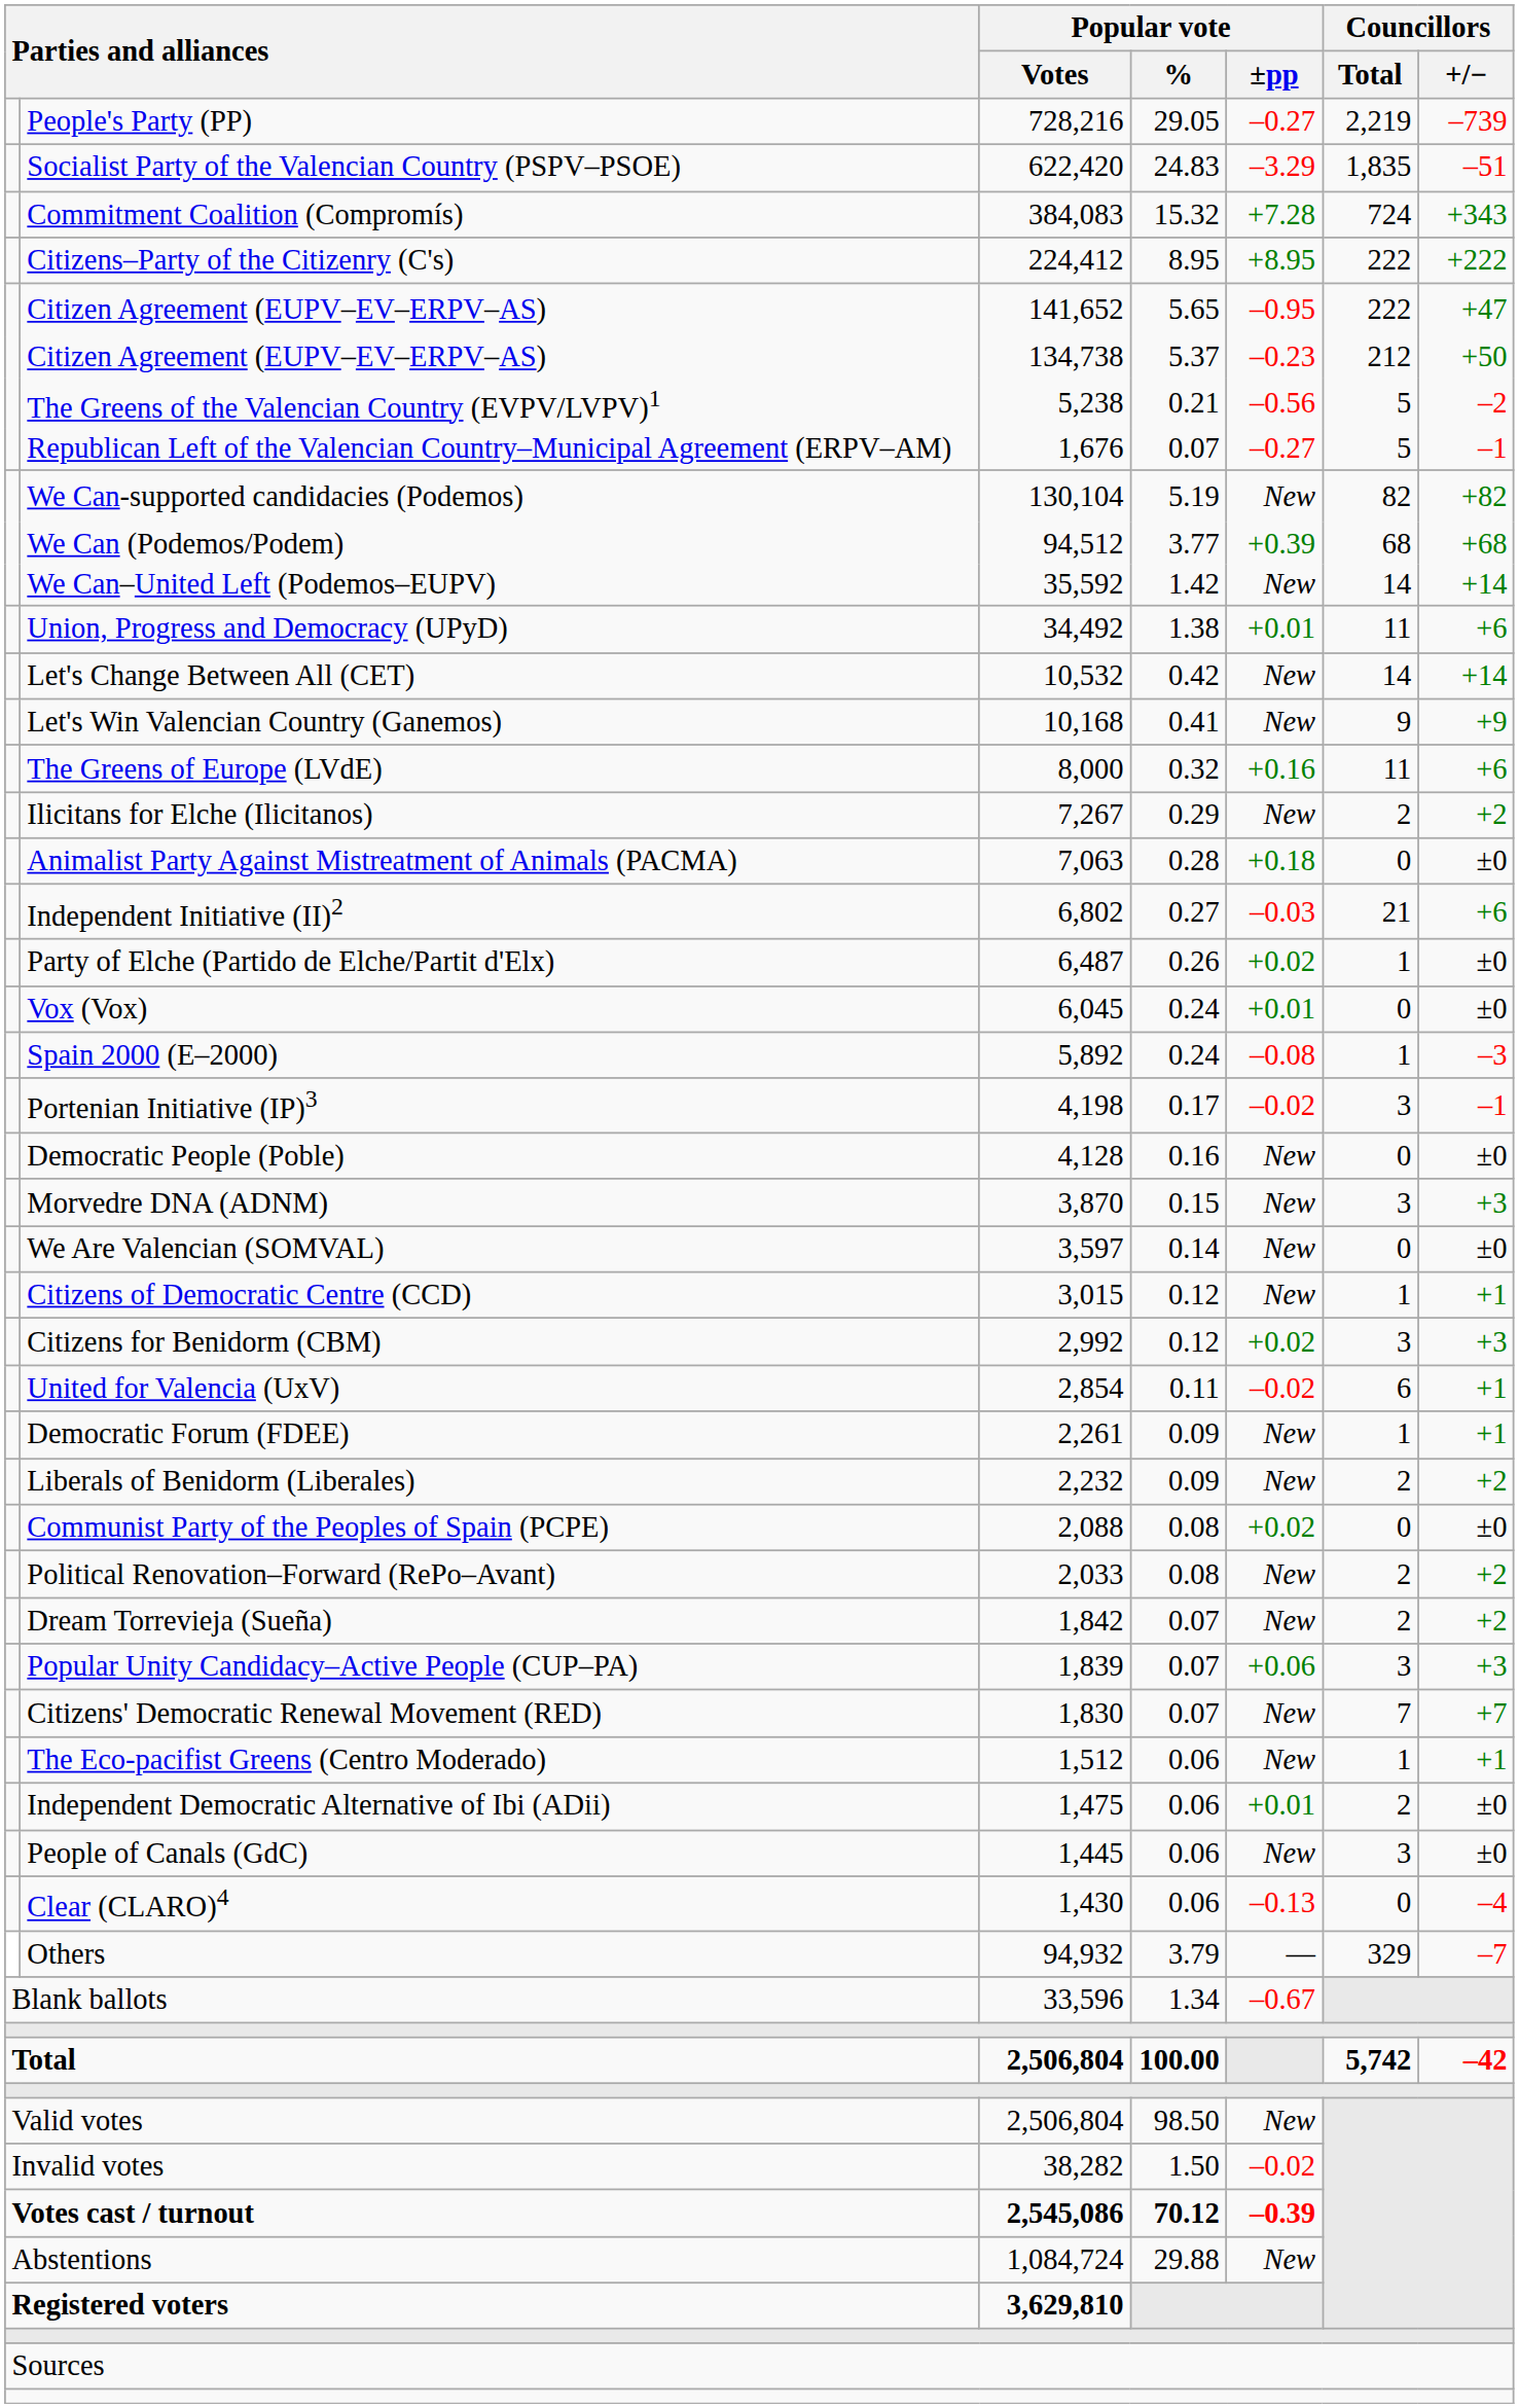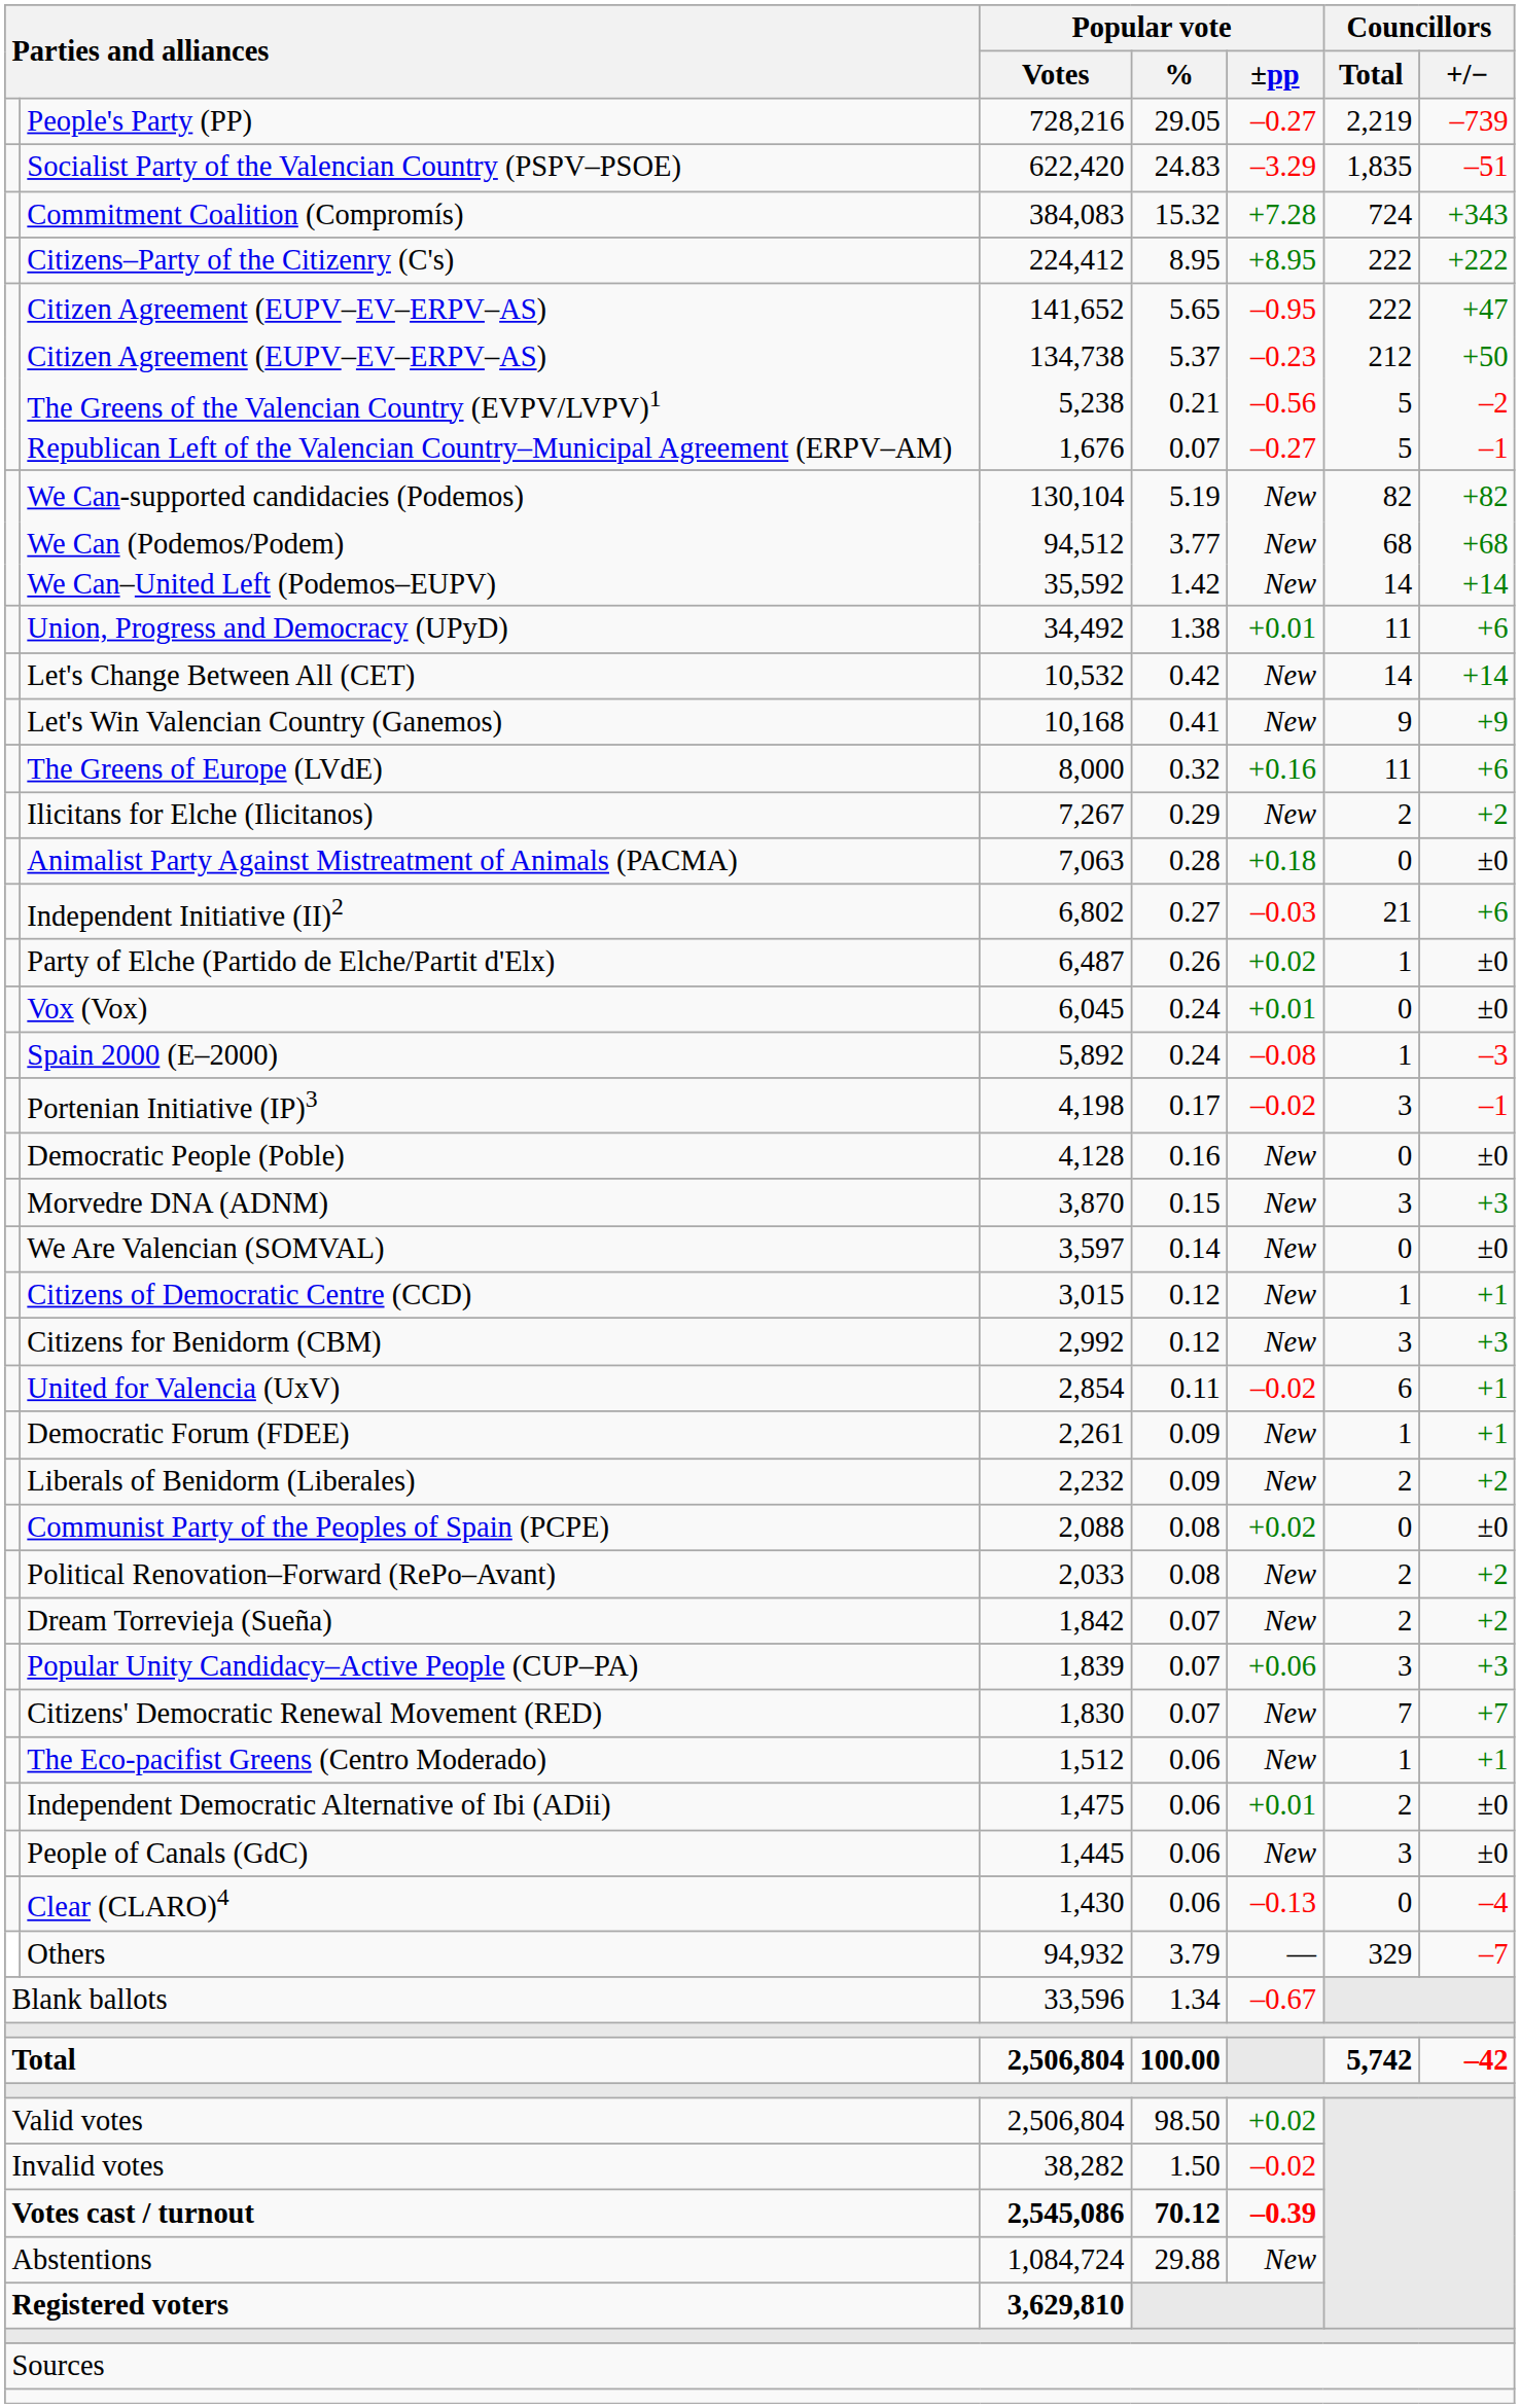 <table class="wikitable" style="text-align:right;">
 <tr>
 <th style="text-align:left;" rowspan="2" colspan="2" width="525">Parties and alliances</th>
 <th colspan="3">Popular vote</th>
 <th colspan="2">Councillors</th>
 </tr>
 <tr>
 <th width="75">Votes</th>
 <th width="45">%</th>
 <th width="45">±<a href='#'>pp</a></th>
 <th width="45">Total</th>
 <th width="45">+/−</th>
 </tr>
 <tr>
 <td width="1" style="color:inherit;background:"></td>
 <td align="left"><a href='#'>People's Party</a> (PP)</td>
 <td>728,216</td>
 <td>29.05</td>
 <td style="color:red;">–0.27</td>
 <td>2,219</td>
 <td style="color:red;">–739</td>
 </tr>
 <tr>
 <td style="color:inherit;background:"></td>
 <td align="left"><a href='#'>Socialist Party of the Valencian Country</a> (PSPV–PSOE)</td>
 <td>622,420</td>
 <td>24.83</td>
 <td style="color:red;">–3.29</td>
 <td>1,835</td>
 <td style="color:red;">–51</td>
 </tr>
 <tr>
 <td style="color:inherit;background:"></td>
 <td align="left"><a href='#'>Commitment Coalition</a> (Compromís)</td>
 <td>384,083</td>
 <td>15.32</td>
 <td style="color:green;">+7.28</td>
 <td>724</td>
 <td style="color:green;">+343</td>
 </tr>
 <tr>
 <td style="color:inherit;background:"></td>
 <td align="left"><a href='#'>Citizens–Party of the Citizenry</a> (C's)</td>
 <td>224,412</td>
 <td>8.95</td>
 <td style="color:green;">+8.95</td>
 <td>222</td>
 <td style="color:green;">+222</td>
 </tr>
 <tr style="line-height:22px;">
 <td rowspan="4" style="color:inherit;background:"></td>
 <td align="left"><a href='#'>Citizen Agreement</a> (<a href='#'>EUPV</a>–<a href='#'>EV</a>–<a href='#'>ERPV</a>–<a href='#'>AS</a>)</td>
 <td>141,652</td>
 <td>5.65</td>
 <td style="color:red;">–0.95</td>
 <td>222</td>
 <td style="color:green;">+47</td>
 </tr>
 <tr style="border-bottom-style:hidden; border-top-style:hidden; line-height:16px;">
 <td align="left"><span><a href='#'>Citizen Agreement</a> (<a href='#'>EUPV</a>–<a href='#'>EV</a>–<a href='#'>ERPV</a>–<a href='#'>AS</a>)</span></td>
 <td>134,738</td>
 <td>5.37</td>
 <td style="color:red;">–0.23</td>
 <td>212</td>
 <td style="color:green;">+50</td>
 </tr>
 <tr style="border-bottom-style:hidden; line-height:16px;">
 <td align="left"><span><a href='#'>The Greens of the Valencian Country</a> (EVPV/LVPV)<sup>1</sup></span></td>
 <td>5,238</td>
 <td>0.21</td>
 <td style="color:red;">–0.56</td>
 <td>5</td>
 <td style="color:red;">–2</td>
 </tr>
 <tr style="line-height:16px;">
 <td align="left"><span><a href='#'>Republican Left of the Valencian Country–Municipal Agreement</a> (ERPV–AM)</span></td>
 <td>1,676</td>
 <td>0.07</td>
 <td style="color:red;">–0.27</td>
 <td>5</td>
 <td style="color:red;">–1</td>
 </tr>
 <tr style="line-height:22px;">
 <td rowspan="3" style="color:inherit;background:"></td>
 <td align="left"><a href='#'>We Can</a>-supported candidacies (Podemos)</td>
 <td>130,104</td>
 <td>5.19</td>
 <td><em>New</em></td>
 <td>82</td>
 <td style="color:green;">+82</td>
 </tr>
 <tr style="border-bottom-style:hidden; border-top-style:hidden; line-height:16px;">
 <td align="left"><span><a href='#'>We Can</a> (Podemos/Podem)</span></td>
 <td>94,512</td>
 <td>3.77</td>
-<td style="color:green;">+0.39</td>
+<td><em>New</em></td>
 <td>68</td>
 <td style="color:green;">+68</td>
 </tr>
 <tr style="line-height:16px;">
 <td align="left"><span><a href='#'>We Can</a>–<a href='#'>United Left</a> (Podemos–EUPV)</span></td>
 <td>35,592</td>
 <td>1.42</td>
 <td><em>New</em></td>
 <td>14</td>
 <td style="color:green;">+14</td>
 </tr>
 <tr>
 <td style="color:inherit;background:"></td>
 <td align="left"><a href='#'>Union, Progress and Democracy</a> (UPyD)</td>
 <td>34,492</td>
 <td>1.38</td>
 <td style="color:green;">+0.01</td>
 <td>11</td>
 <td style="color:green;">+6</td>
 </tr>
 <tr>
 <td style="color:inherit;background:"></td>
 <td align="left">Let's Change Between All (CET)</td>
 <td>10,532</td>
 <td>0.42</td>
 <td><em>New</em></td>
 <td>14</td>
 <td style="color:green;">+14</td>
 </tr>
 <tr>
 <td style="color:inherit;background:"></td>
 <td align="left">Let's Win Valencian Country (Ganemos)</td>
 <td>10,168</td>
 <td>0.41</td>
 <td><em>New</em></td>
 <td>9</td>
 <td style="color:green;">+9</td>
 </tr>
 <tr>
 <td style="color:inherit;background:"></td>
 <td align="left"><a href='#'>The Greens of Europe</a> (LVdE)</td>
 <td>8,000</td>
 <td>0.32</td>
 <td style="color:green;">+0.16</td>
 <td>11</td>
 <td style="color:green;">+6</td>
 </tr>
 <tr>
 <td style="color:inherit;background:"></td>
 <td align="left">Ilicitans for Elche (Ilicitanos)</td>
 <td>7,267</td>
 <td>0.29</td>
 <td><em>New</em></td>
 <td>2</td>
 <td style="color:green;">+2</td>
 </tr>
 <tr>
 <td style="color:inherit;background:"></td>
 <td align="left"><a href='#'>Animalist Party Against Mistreatment of Animals</a> (PACMA)</td>
 <td>7,063</td>
 <td>0.28</td>
 <td style="color:green;">+0.18</td>
 <td>0</td>
 <td>±0</td>
 </tr>
 <tr>
 <td style="color:inherit;background:"></td>
 <td align="left">Independent Initiative (II)<sup>2</sup></td>
 <td>6,802</td>
 <td>0.27</td>
 <td style="color:red;">–0.03</td>
 <td>21</td>
 <td style="color:green;">+6</td>
 </tr>
 <tr>
 <td style="color:inherit;background:"></td>
 <td align="left">Party of Elche (Partido de Elche/Partit d'Elx)</td>
 <td>6,487</td>
 <td>0.26</td>
 <td style="color:green;">+0.02</td>
 <td>1</td>
 <td>±0</td>
 </tr>
 <tr>
 <td style="color:inherit;background:"></td>
 <td align="left"><a href='#'>Vox</a> (Vox)</td>
 <td>6,045</td>
 <td>0.24</td>
 <td style="color:green;">+0.01</td>
 <td>0</td>
 <td>±0</td>
 </tr>
 <tr>
 <td style="color:inherit;background:"></td>
 <td align="left"><a href='#'>Spain 2000</a> (E–2000)</td>
 <td>5,892</td>
 <td>0.24</td>
 <td style="color:red;">–0.08</td>
 <td>1</td>
 <td style="color:red;">–3</td>
 </tr>
 <tr>
 <td style="color:inherit;background:"></td>
 <td align="left">Portenian Initiative (IP)<sup>3</sup></td>
 <td>4,198</td>
 <td>0.17</td>
 <td style="color:red;">–0.02</td>
 <td>3</td>
 <td style="color:red;">–1</td>
 </tr>
 <tr>
 <td style="color:inherit;background:"></td>
 <td align="left">Democratic People (Poble)</td>
 <td>4,128</td>
 <td>0.16</td>
 <td><em>New</em></td>
 <td>0</td>
 <td>±0</td>
 </tr>
 <tr>
 <td style="color:inherit;background:"></td>
 <td align="left">Morvedre DNA (ADNM)</td>
 <td>3,870</td>
 <td>0.15</td>
 <td><em>New</em></td>
 <td>3</td>
 <td style="color:green;">+3</td>
 </tr>
 <tr>
 <td style="color:inherit;background:"></td>
 <td align="left">We Are Valencian (SOMVAL)</td>
 <td>3,597</td>
 <td>0.14</td>
 <td><em>New</em></td>
 <td>0</td>
 <td>±0</td>
 </tr>
 <tr>
 <td style="color:inherit;background:"></td>
 <td align="left"><a href='#'>Citizens of Democratic Centre</a> (CCD)</td>
 <td>3,015</td>
 <td>0.12</td>
 <td><em>New</em></td>
 <td>1</td>
 <td style="color:green;">+1</td>
 </tr>
 <tr>
 <td style="color:inherit;background:"></td>
 <td align="left">Citizens for Benidorm (CBM)</td>
 <td>2,992</td>
 <td>0.12</td>
-<td style="color:green;">+0.02</td>
+<td><em>New</em></td>
 <td>3</td>
 <td style="color:green;">+3</td>
 </tr>
 <tr>
 <td style="color:inherit;background:"></td>
 <td align="left"><a href='#'>United for Valencia</a> (UxV)</td>
 <td>2,854</td>
 <td>0.11</td>
 <td style="color:red;">–0.02</td>
 <td>6</td>
 <td style="color:green;">+1</td>
 </tr>
 <tr>
 <td style="color:inherit;background:"></td>
 <td align="left">Democratic Forum (FDEE)</td>
 <td>2,261</td>
 <td>0.09</td>
 <td><em>New</em></td>
 <td>1</td>
 <td style="color:green;">+1</td>
 </tr>
 <tr>
 <td style="color:inherit;background:"></td>
 <td align="left">Liberals of Benidorm (Liberales)</td>
 <td>2,232</td>
 <td>0.09</td>
 <td><em>New</em></td>
 <td>2</td>
 <td style="color:green;">+2</td>
 </tr>
 <tr>
 <td style="color:inherit;background:"></td>
 <td align="left"><a href='#'>Communist Party of the Peoples of Spain</a> (PCPE)</td>
 <td>2,088</td>
 <td>0.08</td>
 <td style="color:green;">+0.02</td>
 <td>0</td>
 <td>±0</td>
 </tr>
 <tr>
 <td style="color:inherit;background:"></td>
 <td align="left">Political Renovation–Forward (RePo–Avant)</td>
 <td>2,033</td>
 <td>0.08</td>
 <td><em>New</em></td>
 <td>2</td>
 <td style="color:green;">+2</td>
 </tr>
 <tr>
 <td style="color:inherit;background:"></td>
 <td align="left">Dream Torrevieja (Sueña)</td>
 <td>1,842</td>
 <td>0.07</td>
 <td><em>New</em></td>
 <td>2</td>
 <td style="color:green;">+2</td>
 </tr>
 <tr>
 <td style="color:inherit;background:"></td>
 <td align="left"><a href='#'>Popular Unity Candidacy–Active People</a> (CUP–PA)</td>
 <td>1,839</td>
 <td>0.07</td>
 <td style="color:green;">+0.06</td>
 <td>3</td>
 <td style="color:green;">+3</td>
 </tr>
 <tr>
 <td style="color:inherit;background:"></td>
 <td align="left">Citizens' Democratic Renewal Movement (RED)</td>
 <td>1,830</td>
 <td>0.07</td>
 <td><em>New</em></td>
 <td>7</td>
 <td style="color:green;">+7</td>
 </tr>
 <tr>
 <td style="color:inherit;background:"></td>
 <td align="left"><a href='#'>The Eco-pacifist Greens</a> (Centro Moderado)</td>
 <td>1,512</td>
 <td>0.06</td>
 <td><em>New</em></td>
 <td>1</td>
 <td style="color:green;">+1</td>
 </tr>
 <tr>
 <td style="color:inherit;background:"></td>
 <td align="left">Independent Democratic Alternative of Ibi (ADii)</td>
 <td>1,475</td>
 <td>0.06</td>
 <td style="color:green;">+0.01</td>
 <td>2</td>
 <td>±0</td>
 </tr>
 <tr>
 <td style="color:inherit;background:"></td>
 <td align="left">People of Canals (GdC)</td>
 <td>1,445</td>
 <td>0.06</td>
 <td><em>New</em></td>
 <td>3</td>
 <td>±0</td>
 </tr>
 <tr>
 <td style="color:inherit;background:"></td>
 <td align="left"><a href='#'>Clear</a> (CLARO)<sup>4</sup></td>
 <td>1,430</td>
 <td>0.06</td>
 <td style="color:red;">–0.13</td>
 <td>0</td>
 <td style="color:red;">–4</td>
 </tr>
 <tr>
 <td bgcolor="white"></td>
 <td align="left">Others</td>
 <td>94,932</td>
 <td>3.79</td>
 <td>—</td>
 <td>329</td>
 <td style="color:red;">–7</td>
 </tr>
 <tr>
 <td align="left" colspan="2">Blank ballots</td>
 <td>33,596</td>
 <td>1.34</td>
 <td style="color:red;">–0.67</td>
 <td bgcolor="#E9E9E9" colspan="2"></td>
 </tr>
 <tr>
 <td colspan="7" bgcolor="#E9E9E9"></td>
 </tr>
 <tr style="font-weight:bold;">
 <td align="left" colspan="2">Total</td>
 <td>2,506,804</td>
 <td>100.00</td>
 <td bgcolor="#E9E9E9"></td>
 <td>5,742</td>
 <td style="color:red;">–42</td>
 </tr>
 <tr>
 <td colspan="7" bgcolor="#E9E9E9"></td>
 </tr>
 <tr>
 <td align="left" colspan="2">Valid votes</td>
 <td>2,506,804</td>
 <td>98.50</td>
-<td><em>New</em></td>
+<td style="color:green;">+0.02</td>
 <td bgcolor="#E9E9E9" colspan="2" rowspan="5"></td>
 </tr>
 <tr>
 <td align="left" colspan="2">Invalid votes</td>
 <td>38,282</td>
 <td>1.50</td>
 <td style="color:red;">–0.02</td>
 </tr>
 <tr style="font-weight:bold;">
 <td align="left" colspan="2">Votes cast / turnout</td>
 <td>2,545,086</td>
 <td>70.12</td>
 <td style="color:red;">–0.39</td>
 </tr>
 <tr>
 <td align="left" colspan="2">Abstentions</td>
 <td>1,084,724</td>
 <td>29.88</td>
 <td><em>New</em></td>
 </tr>
 <tr style="font-weight:bold;">
 <td align="left" colspan="2">Registered voters</td>
 <td>3,629,810</td>
 <td bgcolor="#E9E9E9" colspan="2"></td>
 </tr>
 <tr>
 <td colspan="7" bgcolor="#E9E9E9"></td>
 </tr>
 <tr>
 <td align="left" colspan="7">Sources</td>
 </tr>
 <tr>
 <td colspan="7" style="text-align:left; max-width:790px;"></td>
 </tr>
 </table>
